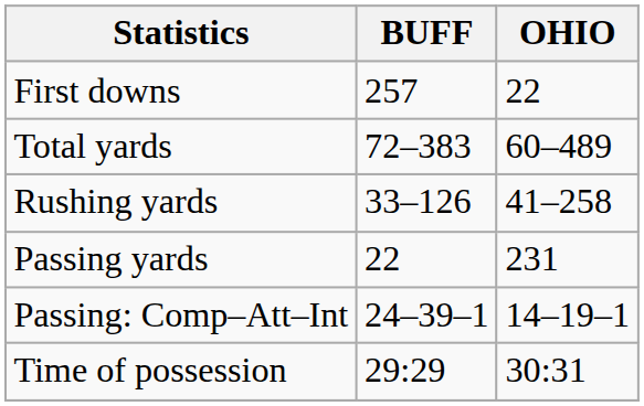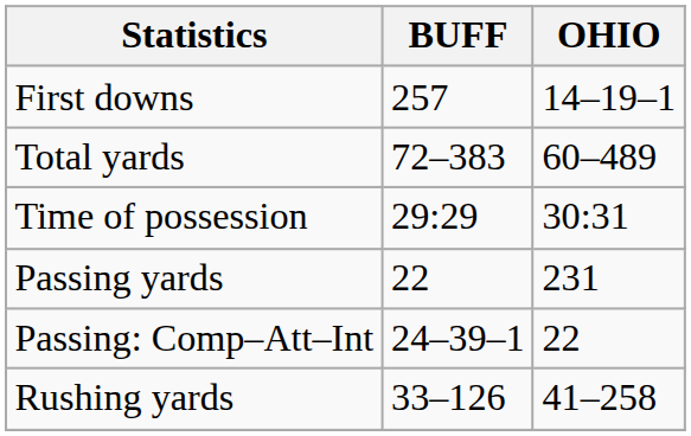 <table class="wikitable" style="float: left;">
 <tr>
 <th>Statistics</th>
 <th>BUFF</th>
 <th>OHIO</th>
 </tr>
 <tr>
 <td>First downs</td>
 <td>257</td>
-<td>22</td>
+<td>14–19–1</td>
 </tr>
 <tr>
 <td>Total yards</td>
 <td>72–383</td>
 <td>60–489</td>
 </tr>
 <tr>
-<td>Rushing yards</td>
-<td>33–126</td>
-<td>41–258</td>
+<td>Time of possession</td>
+<td>29:29</td>
+<td>30:31</td>
 </tr>
 <tr>
 <td>Passing yards</td>
 <td>22</td>
 <td>231</td>
 </tr>
 <tr>
 <td>Passing: Comp–Att–Int</td>
 <td>24–39–1</td>
-<td>14–19–1</td>
+<td>22</td>
 </tr>
 <tr>
-<td>Time of possession</td>
-<td>29:29</td>
-<td>30:31</td>
+<td>Rushing yards</td>
+<td>33–126</td>
+<td>41–258</td>
 </tr>
 <tr>
 </tr>
 </table>
